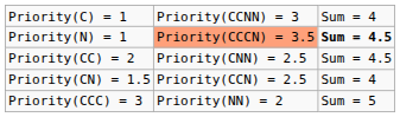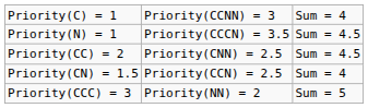 <table class="wikitable">
 <tr>
 <td>Priority(C) = 1</td>
 <td>Priority(CCNN) = 3</td>
 <td>Sum = 4</td>
 </tr>
 <tr>
 <td>Priority(N) = 1</td>
-<td style="background: lightsalmon;">Priority(CCCN) = 3.5</td>
-<td><strong>Sum = 4.5</strong></td>
+<td>Priority(CCCN) = 3.5</td>
+<td>Sum = 4.5</td>
 </tr>
 <tr>
 <td>Priority(CC) = 2</td>
 <td>Priority(CNN) = 2.5</td>
 <td>Sum = 4.5</td>
 </tr>
 <tr>
 <td>Priority(CN) = 1.5</td>
 <td>Priority(CCN) = 2.5</td>
 <td>Sum = 4</td>
 </tr>
 <tr>
 <td>Priority(CCC) = 3</td>
 <td>Priority(NN) = 2</td>
 <td>Sum = 5</td>
 </tr>
 </table>
